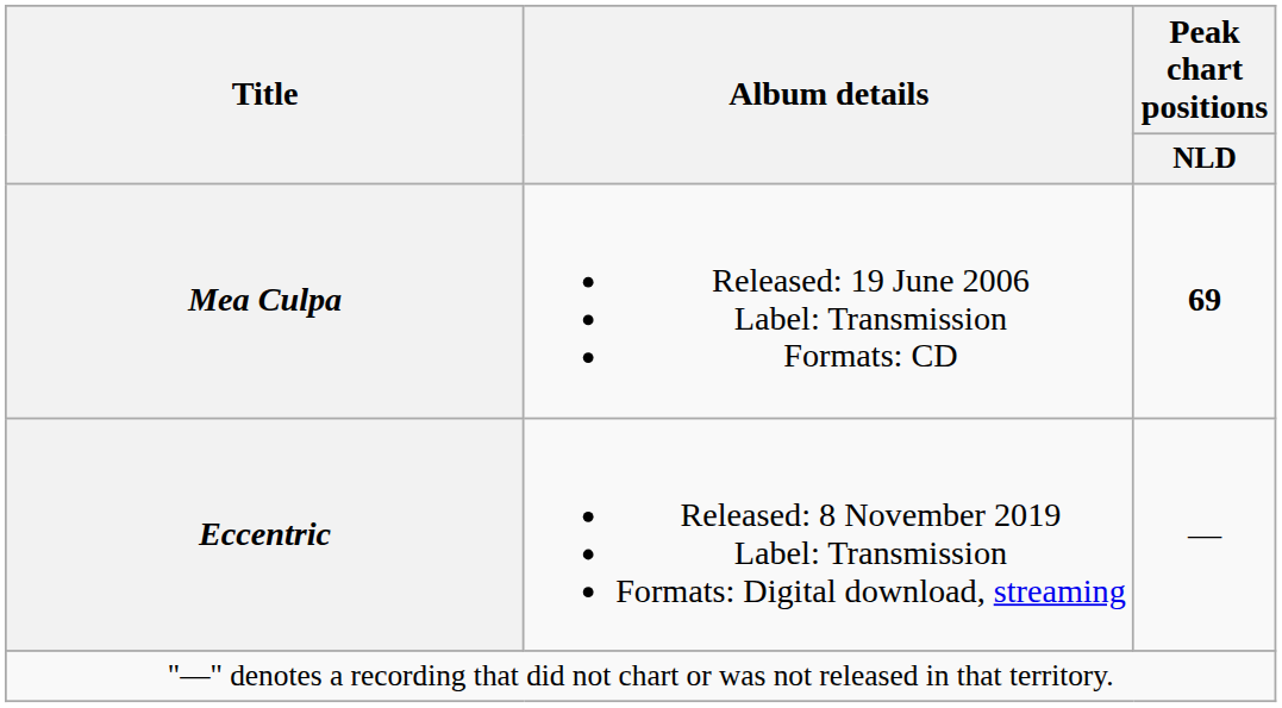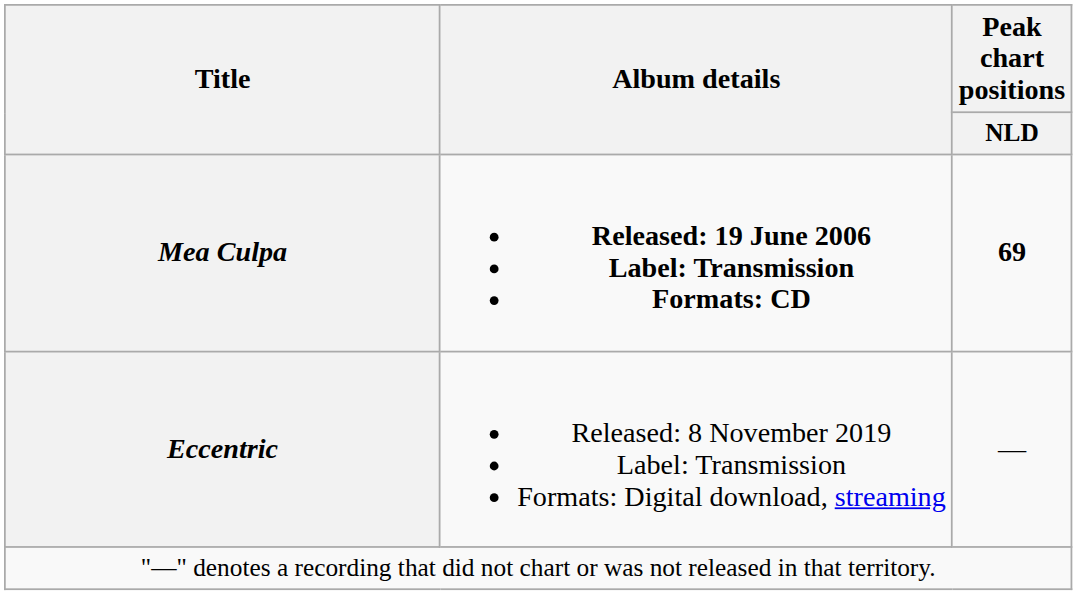 <table class="wikitable plainrowheaders" style="text-align:center;">
 <tr>
 <th scope="col" rowspan="2" style="width:15em;">Title</th>
 <th scope="col" rowspan="2">Album details</th>
 <th scope="col">Peak chart positions</th>
 </tr>
 <tr>
 <th scope="col" style="width:3em;font-size:90%;">NLD<br></th>
 </tr>
 <tr>
 <th scope="row"><em>Mea Culpa</em></th>
-<td><br><ul><li>Released: 19 June 2006</li><li>Label: Transmission</li><li>Formats: CD</li></ul></td>
+<td><strong><br><ul><li>Released: 19 June 2006</li><li>Label: Transmission</li><li>Formats: CD</li></ul></strong></td>
 <td><strong>69</strong></td>
 </tr>
 <tr>
 <th scope="row"><em>Eccentric</em></th>
 <td><br><ul><li>Released: 8 November 2019</li><li>Label: Transmission</li><li>Formats: Digital download, <a href='#'>streaming</a></li></ul></td>
 <td>—</td>
 </tr>
 <tr>
 <td colspan="10" style="font-size:90%">"—" denotes a recording that did not chart or was not released in that territory.</td>
 </tr>
 </table>
